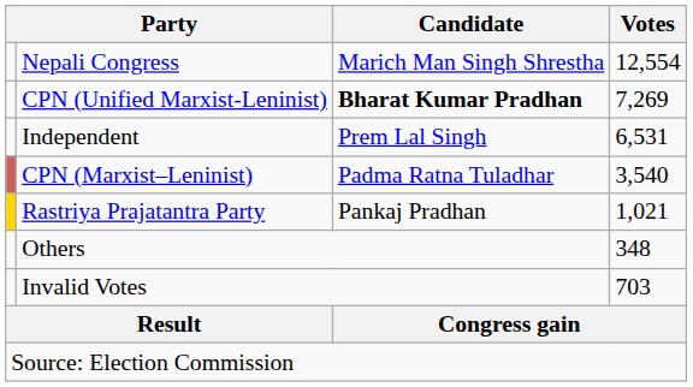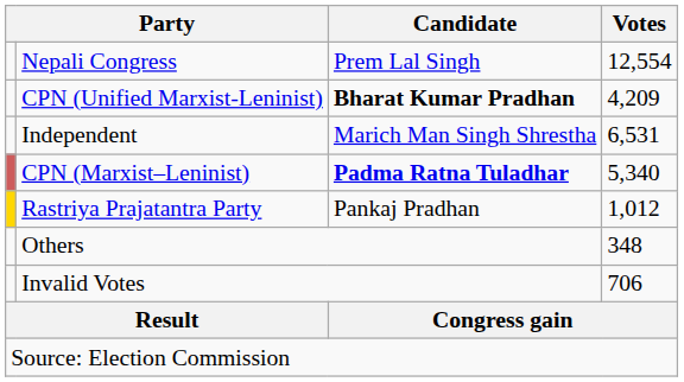 <table class="wikitable">
 <tr>
 <th colspan="2">Party</th>
 <th>Candidate</th>
 <th>Votes</th>
 </tr>
 <tr>
 <td style="background-color:"></td>
 <td><a href='#'>Nepali Congress</a></td>
-<td><a href='#'>Marich Man Singh Shrestha</a></td>
+<td><a href='#'>Prem Lal Singh</a></td>
 <td>12,554</td>
 </tr>
 <tr>
 <td style="background-color:"></td>
 <td><a href='#'>CPN (Unified Marxist-Leninist)</a></td>
 <td><strong>Bharat Kumar Pradhan</strong></td>
-<td>7,269</td>
+<td>4,209</td>
 </tr>
 <tr>
 <td style="background-color:"></td>
 <td>Independent</td>
-<td><a href='#'>Prem Lal Singh</a></td>
+<td><a href='#'>Marich Man Singh Shrestha</a></td>
 <td>6,531</td>
 </tr>
 <tr>
 <td style="background-color:indianred"></td>
 <td><a href='#'>CPN (Marxist–Leninist)</a></td>
-<td><a href='#'>Padma Ratna Tuladhar</a></td>
-<td>3,540</td>
+<td><strong><a href='#'>Padma Ratna Tuladhar</a></strong></td>
+<td>5,340</td>
 </tr>
 <tr>
 <td style="background-color:gold"></td>
 <td><a href='#'>Rastriya Prajatantra Party</a></td>
 <td>Pankaj Pradhan</td>
-<td>1,021</td>
+<td>1,012</td>
 </tr>
 <tr>
 <td></td>
 <td colspan="2">Others</td>
 <td>348</td>
 </tr>
 <tr>
 <td></td>
 <td colspan="2">Invalid Votes</td>
-<td>703</td>
+<td>706</td>
 </tr>
 <tr>
 <th colspan="2">Result</th>
 <th colspan="2">Congress gain</th>
 </tr>
 <tr>
 <td colspan="4">Source: Election Commission</td>
 </tr>
 </table>
